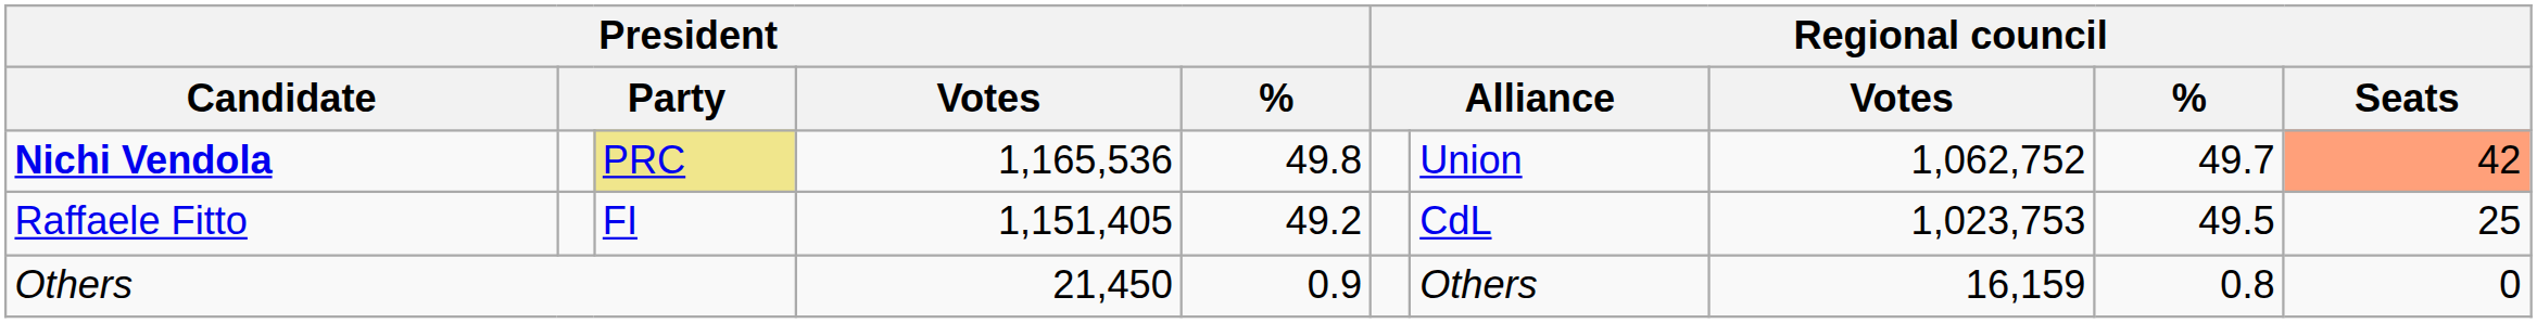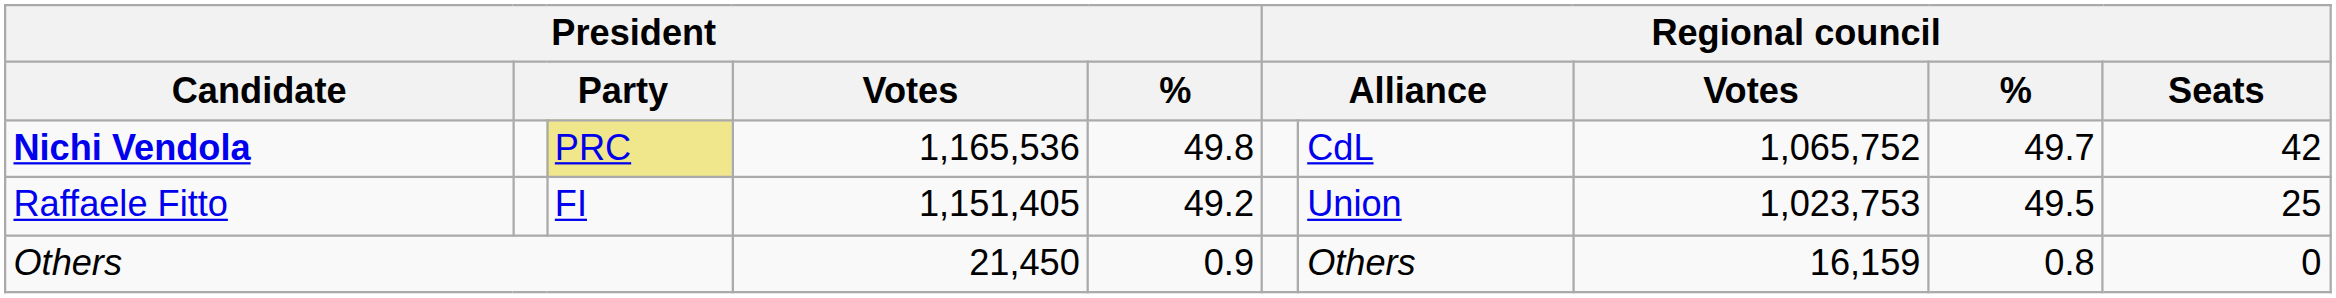 <table class="wikitable" style="text-align:right; style="width=65%">
 <tr>
 <th colspan="5">President</th>
 <th colspan="7">Regional council</th>
 </tr>
 <tr>
 <th>Candidate</th>
 <th colspan="2">Party</th>
 <th>Votes</th>
 <th>%</th>
 <th colspan="2">Alliance</th>
 <th>Votes</th>
 <th>%</th>
 <th>Seats</th>
 </tr>
 <tr>
 <td style="text-align:left"><strong><a href='#'>Nichi Vendola</a></strong></td>
 <td></td>
 <td style="background: khaki; text-align:left"><a href='#'>PRC</a></td>
 <td>1,165,536</td>
 <td>49.8</td>
 <td></td>
-<td style="text-align:left"><a href='#'>Union</a></td>
-<td>1,062,752</td>
+<td style="text-align:left"><a href='#'>CdL</a></td>
+<td>1,065,752</td>
 <td>49.7</td>
-<td style="background: lightsalmon;">42</td>
+<td>42</td>
 </tr>
 <tr>
 <td style="text-align:left"><a href='#'>Raffaele Fitto</a></td>
 <td></td>
 <td style="text-align:left"><a href='#'>FI</a></td>
 <td>1,151,405</td>
 <td>49.2</td>
 <td></td>
-<td style="text-align:left"><a href='#'>CdL</a></td>
+<td style="text-align:left"><a href='#'>Union</a></td>
 <td>1,023,753</td>
 <td>49.5</td>
 <td>25</td>
 </tr>
 <tr>
 <td colspan="3" style="text-align:left"><em>Others</em></td>
 <td>21,450</td>
 <td>0.9</td>
 <td></td>
 <td style="text-align:left"><em>Others</em></td>
 <td>16,159</td>
 <td>0.8</td>
 <td>0</td>
 </tr>
 </table>
